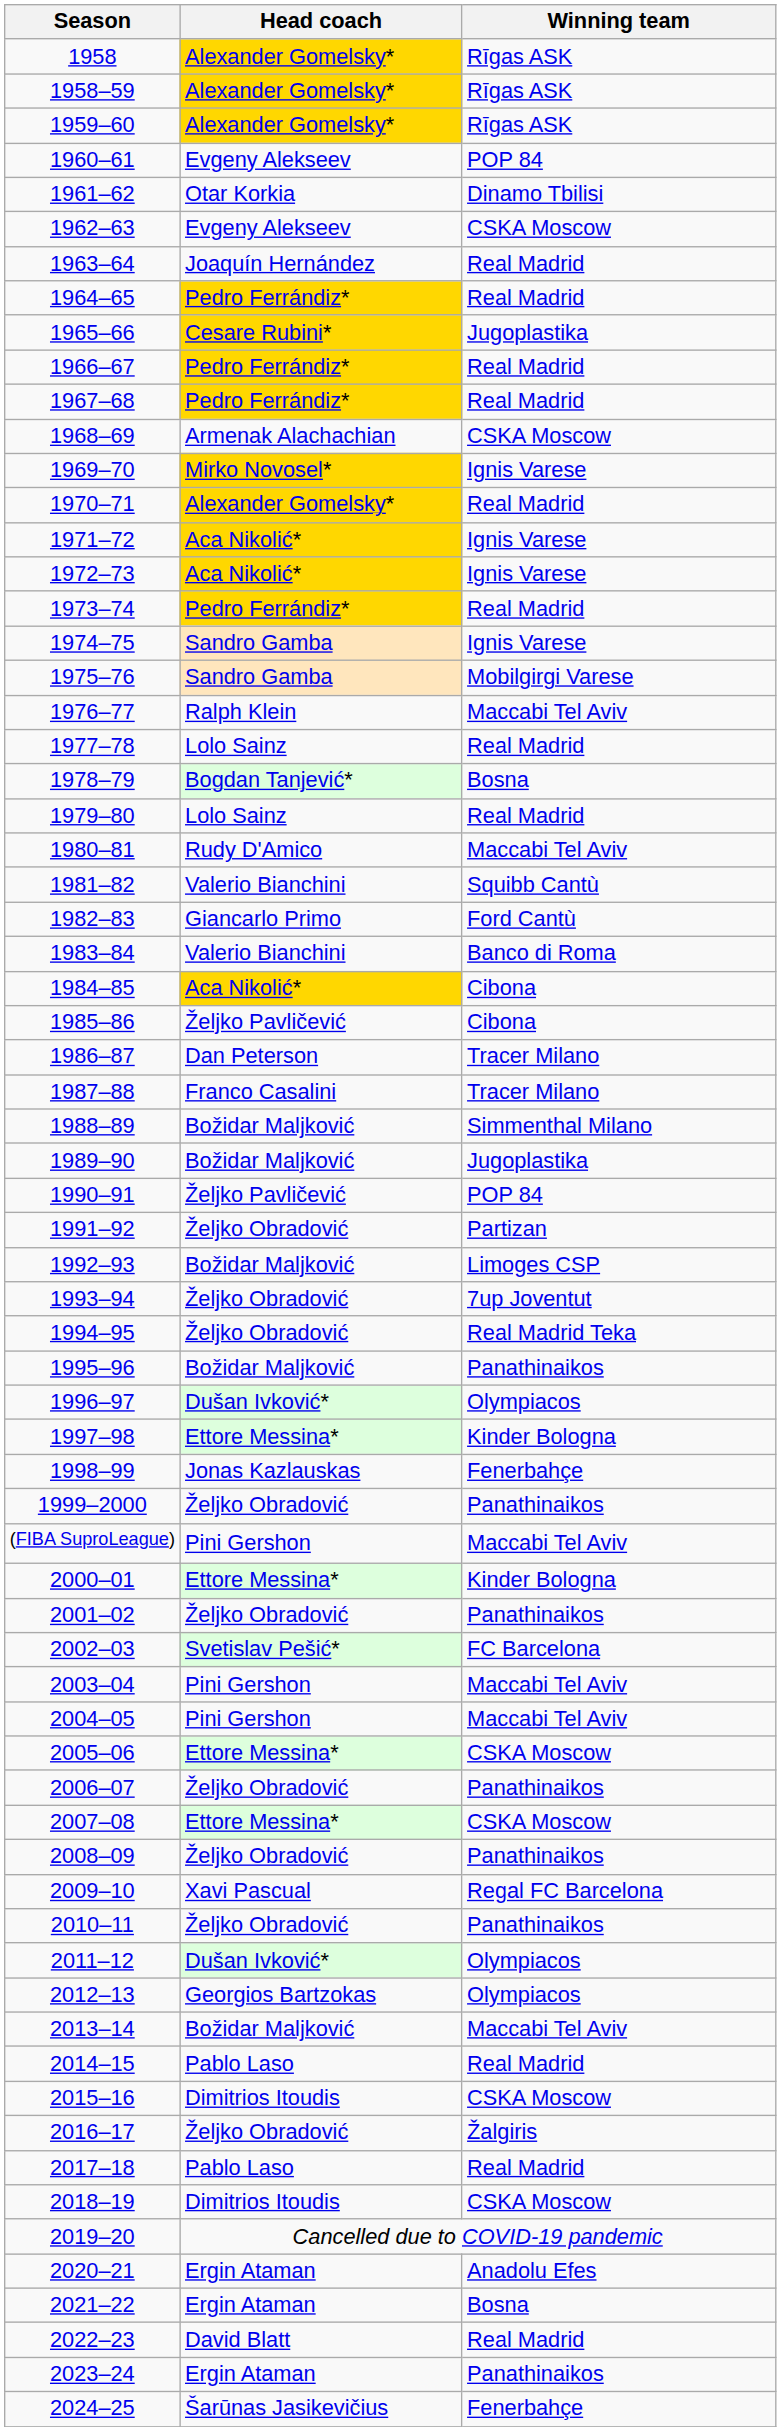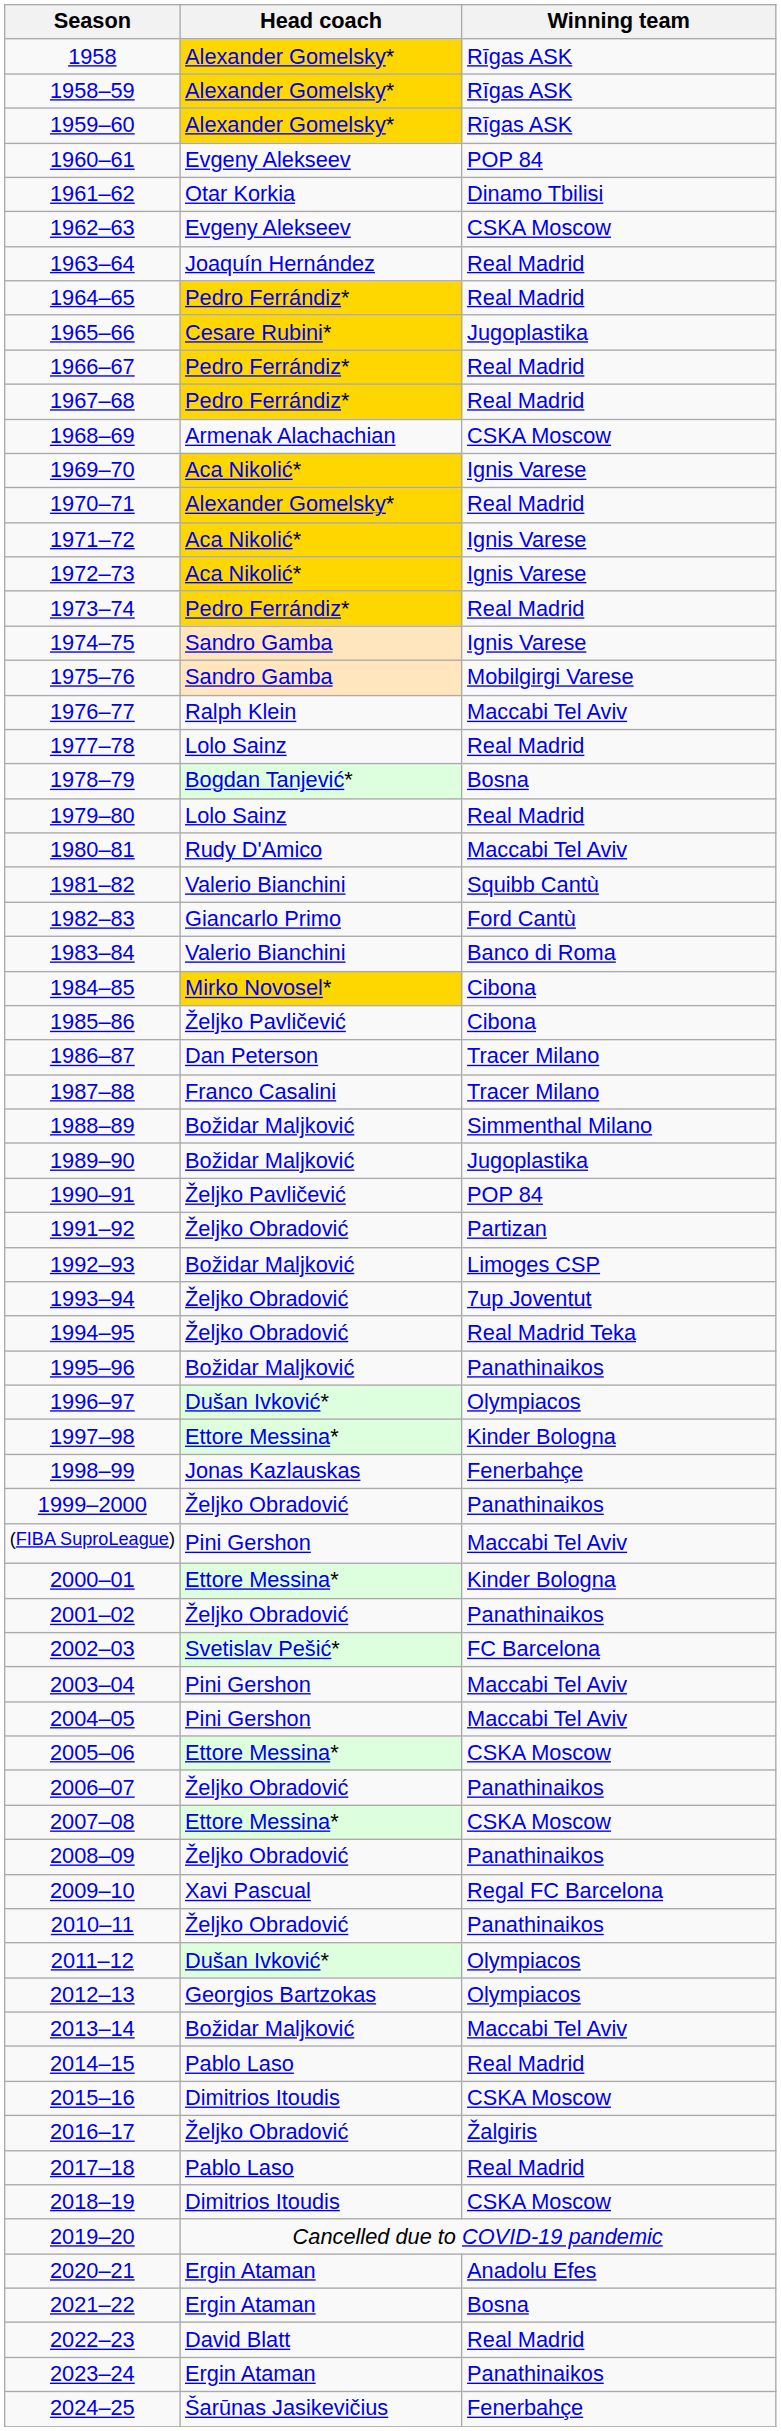 <table class="wikitable">
 <tr>
 <th>Season</th>
 <th style="width:200px">Head coach</th>
 <th style="width:223px">Winning team</th>
 </tr>
 <tr>
 <td style="text-align:center;"><a href='#'>1958</a></td>
 <td bgcolor="#FFD700"> <a href='#'>Alexander Gomelsky</a>*</td>
 <td> <a href='#'>Rīgas ASK</a></td>
 </tr>
 <tr>
 <td style="text-align:center;"><a href='#'>1958–59</a></td>
 <td bgcolor="#FFD700"> <a href='#'>Alexander Gomelsky</a>*</td>
 <td> <a href='#'>Rīgas ASK</a></td>
 </tr>
 <tr>
 <td style="text-align:center;"><a href='#'>1959–60</a></td>
 <td bgcolor="#FFD700"> <a href='#'>Alexander Gomelsky</a>*</td>
 <td> <a href='#'>Rīgas ASK</a></td>
 </tr>
 <tr>
 <td style="text-align:center;"><a href='#'>1960–61</a></td>
 <td> <a href='#'>Evgeny Alekseev</a></td>
 <td> <a href='#'>POP 84</a></td>
 </tr>
 <tr>
 <td style="text-align:center;"><a href='#'>1961–62</a></td>
 <td> <a href='#'>Otar Korkia</a></td>
 <td> <a href='#'>Dinamo Tbilisi</a></td>
 </tr>
 <tr>
 <td style="text-align:center;"><a href='#'>1962–63</a></td>
 <td> <a href='#'>Evgeny Alekseev</a></td>
 <td> <a href='#'>CSKA Moscow</a></td>
 </tr>
 <tr>
 <td style="text-align:center;"><a href='#'>1963–64</a></td>
 <td> <a href='#'>Joaquín Hernández</a></td>
 <td> <a href='#'>Real Madrid</a></td>
 </tr>
 <tr>
 <td style="text-align:center;"><a href='#'>1964–65</a></td>
 <td bgcolor="#FFD700"> <a href='#'>Pedro Ferrándiz</a>*</td>
 <td> <a href='#'>Real Madrid</a></td>
 </tr>
 <tr>
 <td style="text-align:center;"><a href='#'>1965–66</a></td>
 <td bgcolor="#FFD700"> <a href='#'>Cesare Rubini</a>*</td>
 <td> <a href='#'>Jugoplastika</a></td>
 </tr>
 <tr>
 <td style="text-align:center;"><a href='#'>1966–67</a></td>
 <td bgcolor="#FFD700"> <a href='#'>Pedro Ferrándiz</a>*</td>
 <td> <a href='#'>Real Madrid</a></td>
 </tr>
 <tr>
 <td style="text-align:center;"><a href='#'>1967–68</a></td>
 <td bgcolor="#FFD700"> <a href='#'>Pedro Ferrándiz</a>*</td>
 <td> <a href='#'>Real Madrid</a></td>
 </tr>
 <tr>
 <td style="text-align:center;"><a href='#'>1968–69</a></td>
 <td> <a href='#'>Armenak Alachachian</a></td>
 <td> <a href='#'>CSKA Moscow</a></td>
 </tr>
 <tr>
 <td style="text-align:center;"><a href='#'>1969–70</a></td>
-<td bgcolor="#FFD700"> <a href='#'>Mirko Novosel</a>*</td>
+<td bgcolor="#FFD700"> <a href='#'>Aca Nikolić</a>*</td>
 <td> <a href='#'>Ignis Varese</a></td>
 </tr>
 <tr>
 <td style="text-align:center;"><a href='#'>1970–71</a></td>
 <td bgcolor="#FFD700"> <a href='#'>Alexander Gomelsky</a>*</td>
 <td> <a href='#'>Real Madrid</a></td>
 </tr>
 <tr>
 <td style="text-align:center;"><a href='#'>1971–72</a></td>
 <td bgcolor="#FFD700"> <a href='#'>Aca Nikolić</a>*</td>
 <td> <a href='#'>Ignis Varese</a></td>
 </tr>
 <tr>
 <td style="text-align:center;"><a href='#'>1972–73</a></td>
 <td bgcolor="#FFD700"> <a href='#'>Aca Nikolić</a>*</td>
 <td> <a href='#'>Ignis Varese</a></td>
 </tr>
 <tr>
 <td style="text-align:center;"><a href='#'>1973–74</a></td>
 <td bgcolor="#FFD700"> <a href='#'>Pedro Ferrándiz</a>*</td>
 <td> <a href='#'>Real Madrid</a></td>
 </tr>
 <tr>
 <td style="text-align:center;"><a href='#'>1974–75</a></td>
 <td bgcolor="#FFE6BD"> <a href='#'>Sandro Gamba</a></td>
 <td> <a href='#'>Ignis Varese</a></td>
 </tr>
 <tr>
 <td style="text-align:center;"><a href='#'>1975–76</a></td>
 <td bgcolor="#FFE6BD"> <a href='#'>Sandro Gamba</a></td>
 <td> <a href='#'>Mobilgirgi Varese</a></td>
 </tr>
 <tr>
 <td style="text-align:center;"><a href='#'>1976–77</a></td>
 <td> <a href='#'>Ralph Klein</a></td>
 <td> <a href='#'>Maccabi Tel Aviv</a></td>
 </tr>
 <tr>
 <td style="text-align:center;"><a href='#'>1977–78</a></td>
 <td> <a href='#'>Lolo Sainz</a></td>
 <td> <a href='#'>Real Madrid</a></td>
 </tr>
 <tr>
 <td style="text-align:center;"><a href='#'>1978–79</a></td>
 <td bgcolor="#ddffdd"> <a href='#'>Bogdan Tanjević</a>*</td>
 <td>  <a href='#'>Bosna</a></td>
 </tr>
 <tr>
 <td style="text-align:center;"><a href='#'>1979–80</a></td>
 <td> <a href='#'>Lolo Sainz</a></td>
 <td> <a href='#'>Real Madrid</a></td>
 </tr>
 <tr>
 <td style="text-align:center;"><a href='#'>1980–81</a></td>
 <td> <a href='#'>Rudy D'Amico</a></td>
 <td> <a href='#'>Maccabi Tel Aviv</a></td>
 </tr>
 <tr>
 <td style="text-align:center;"><a href='#'>1981–82</a></td>
 <td> <a href='#'>Valerio Bianchini</a></td>
 <td>  <a href='#'>Squibb Cantù</a></td>
 </tr>
 <tr>
 <td style="text-align:center;"><a href='#'>1982–83</a></td>
 <td> <a href='#'>Giancarlo Primo</a></td>
 <td>  <a href='#'>Ford Cantù</a></td>
 </tr>
 <tr>
 <td style="text-align:center;"><a href='#'>1983–84</a></td>
 <td> <a href='#'>Valerio Bianchini</a></td>
 <td>  <a href='#'>Banco di Roma</a></td>
 </tr>
 <tr>
 <td style="text-align:center;"><a href='#'>1984–85</a></td>
-<td bgcolor="#FFD700"> <a href='#'>Aca Nikolić</a>*</td>
+<td bgcolor="#FFD700"> <a href='#'>Mirko Novosel</a>*</td>
 <td> <a href='#'>Cibona</a></td>
 </tr>
 <tr>
 <td style="text-align:center;"><a href='#'>1985–86</a></td>
 <td> <a href='#'>Željko Pavličević</a></td>
 <td> <a href='#'>Cibona</a></td>
 </tr>
 <tr>
 <td style="text-align:center;"><a href='#'>1986–87</a></td>
 <td> <a href='#'>Dan Peterson</a></td>
 <td> <a href='#'>Tracer Milano</a></td>
 </tr>
 <tr>
 <td style="text-align:center;"><a href='#'>1987–88</a></td>
 <td> <a href='#'>Franco Casalini</a></td>
 <td> <a href='#'>Tracer Milano</a></td>
 </tr>
 <tr>
 <td style="text-align:center;"><a href='#'>1988–89</a></td>
 <td> <a href='#'>Božidar Maljković</a></td>
 <td>  <a href='#'>Simmenthal Milano</a></td>
 </tr>
 <tr>
 <td style="text-align:center;"><a href='#'>1989–90</a></td>
 <td> <a href='#'>Božidar Maljković</a></td>
 <td> <a href='#'>Jugoplastika</a></td>
 </tr>
 <tr>
 <td style="text-align:center;"><a href='#'>1990–91</a></td>
 <td> <a href='#'>Željko Pavličević</a></td>
 <td> <a href='#'>POP 84</a></td>
 </tr>
 <tr>
 <td style="text-align:center;"><a href='#'>1991–92</a></td>
 <td> <a href='#'>Željko Obradović</a></td>
 <td> <a href='#'>Partizan</a></td>
 </tr>
 <tr>
 <td style="text-align:center;"><a href='#'>1992–93</a></td>
 <td> <a href='#'>Božidar Maljković</a></td>
 <td> <a href='#'>Limoges CSP</a></td>
 </tr>
 <tr>
 <td style="text-align:center;"><a href='#'>1993–94</a></td>
 <td> <a href='#'>Željko Obradović</a></td>
 <td> <a href='#'>7up Joventut</a></td>
 </tr>
 <tr>
 <td style="text-align:center;"><a href='#'>1994–95</a></td>
 <td> <a href='#'>Željko Obradović</a></td>
 <td> <a href='#'>Real Madrid Teka</a></td>
 </tr>
 <tr>
 <td style="text-align:center;"><a href='#'>1995–96</a></td>
 <td> <a href='#'>Božidar Maljković</a></td>
 <td> <a href='#'>Panathinaikos</a></td>
 </tr>
 <tr>
 <td style="text-align:center;"><a href='#'>1996–97</a></td>
 <td bgcolor="#ddffdd"> <a href='#'>Dušan Ivković</a>*</td>
 <td> <a href='#'>Olympiacos</a></td>
 </tr>
 <tr>
 <td style="text-align:center;"><a href='#'>1997–98</a></td>
 <td bgcolor="#ddffdd"> <a href='#'>Ettore Messina</a>*</td>
 <td> <a href='#'>Kinder Bologna</a></td>
 </tr>
 <tr>
 <td style="text-align:center;"><a href='#'>1998–99</a></td>
 <td> <a href='#'>Jonas Kazlauskas</a></td>
 <td> <a href='#'>Fenerbahçe</a></td>
 </tr>
 <tr>
 <td style="text-align:center;"><a href='#'>1999–2000</a></td>
 <td> <a href='#'>Željko Obradović</a></td>
 <td> <a href='#'>Panathinaikos</a></td>
 </tr>
 <tr>
 <td> <sup>(<a href='#'>FIBA SuproLeague</a>)</sup></td>
 <td> <a href='#'>Pini Gershon</a></td>
 <td> <a href='#'>Maccabi Tel Aviv</a></td>
 </tr>
 <tr>
 <td style="text-align:center;"><a href='#'>2000–01</a></td>
 <td bgcolor="#ddffdd"> <a href='#'>Ettore Messina</a>*</td>
 <td> <a href='#'>Kinder Bologna</a></td>
 </tr>
 <tr>
 <td style="text-align:center;"><a href='#'>2001–02</a></td>
 <td> <a href='#'>Željko Obradović</a></td>
 <td> <a href='#'>Panathinaikos</a></td>
 </tr>
 <tr>
 <td style="text-align:center;"><a href='#'>2002–03</a></td>
 <td bgcolor="#ddffdd"> <a href='#'>Svetislav Pešić</a>*</td>
 <td> <a href='#'>FC Barcelona</a></td>
 </tr>
 <tr>
 <td style="text-align:center;"><a href='#'>2003–04</a></td>
 <td> <a href='#'>Pini Gershon</a></td>
 <td> <a href='#'>Maccabi Tel Aviv</a></td>
 </tr>
 <tr>
 <td style="text-align:center;"><a href='#'>2004–05</a></td>
 <td> <a href='#'>Pini Gershon</a></td>
 <td> <a href='#'>Maccabi Tel Aviv</a></td>
 </tr>
 <tr>
 <td style="text-align:center;"><a href='#'>2005–06</a></td>
 <td bgcolor="#ddffdd"> <a href='#'>Ettore Messina</a>*</td>
 <td> <a href='#'>CSKA Moscow</a></td>
 </tr>
 <tr>
 <td style="text-align:center;"><a href='#'>2006–07</a></td>
 <td> <a href='#'>Željko Obradović</a></td>
 <td> <a href='#'>Panathinaikos</a></td>
 </tr>
 <tr>
 <td style="text-align:center;"><a href='#'>2007–08</a></td>
 <td bgcolor="#ddffdd"> <a href='#'>Ettore Messina</a>*</td>
 <td> <a href='#'>CSKA Moscow</a></td>
 </tr>
 <tr>
 <td style="text-align:center;"><a href='#'>2008–09</a></td>
 <td> <a href='#'>Željko Obradović</a></td>
 <td> <a href='#'>Panathinaikos</a></td>
 </tr>
 <tr>
 <td style="text-align:center;"><a href='#'>2009–10</a></td>
 <td> <a href='#'>Xavi Pascual</a></td>
 <td> <a href='#'>Regal FC Barcelona</a></td>
 </tr>
 <tr>
 <td style="text-align:center;"><a href='#'>2010–11</a></td>
 <td> <a href='#'>Željko Obradović</a></td>
 <td> <a href='#'>Panathinaikos</a></td>
 </tr>
 <tr>
 <td style="text-align:center;"><a href='#'>2011–12</a></td>
 <td bgcolor="#ddffdd"> <a href='#'>Dušan Ivković</a>*</td>
 <td> <a href='#'>Olympiacos</a></td>
 </tr>
 <tr>
 <td style="text-align:center;"><a href='#'>2012–13</a></td>
 <td> <a href='#'>Georgios Bartzokas</a></td>
 <td> <a href='#'>Olympiacos</a></td>
 </tr>
 <tr>
 <td style="text-align:center;"><a href='#'>2013–14</a></td>
 <td> <a href='#'>Božidar Maljković</a></td>
 <td> <a href='#'>Maccabi Tel Aviv</a></td>
 </tr>
 <tr>
 <td style="text-align:center;"><a href='#'>2014–15</a></td>
 <td> <a href='#'>Pablo Laso</a></td>
 <td> <a href='#'>Real Madrid</a></td>
 </tr>
 <tr>
 <td style="text-align:center;"><a href='#'>2015–16</a></td>
 <td> <a href='#'>Dimitrios Itoudis</a></td>
 <td> <a href='#'>CSKA Moscow</a></td>
 </tr>
 <tr>
 <td style="text-align:center;"><a href='#'>2016–17</a></td>
 <td> <a href='#'>Željko Obradović</a></td>
 <td> <a href='#'>Žalgiris</a></td>
 </tr>
 <tr>
 <td style="text-align:center;"><a href='#'>2017–18</a></td>
 <td> <a href='#'>Pablo Laso</a></td>
 <td> <a href='#'>Real Madrid</a></td>
 </tr>
 <tr>
 <td style="text-align:center;"><a href='#'>2018–19</a></td>
 <td> <a href='#'>Dimitrios Itoudis</a></td>
 <td> <a href='#'>CSKA Moscow</a></td>
 </tr>
 <tr>
 <td style="text-align:center;"><a href='#'>2019–20</a></td>
 <td colspan=2 align=center><em>Cancelled due to <a href='#'>COVID-19 pandemic</a></em></td>
 </tr>
 <tr>
 <td style="text-align:center;"><a href='#'>2020–21</a></td>
 <td> <a href='#'>Ergin Ataman</a></td>
 <td> <a href='#'>Anadolu Efes</a></td>
 </tr>
 <tr>
 <td style="text-align:center;"><a href='#'>2021–22</a></td>
 <td> <a href='#'>Ergin Ataman</a></td>
 <td>  <a href='#'>Bosna</a></td>
 </tr>
 <tr>
 <td style="text-align:center;"><a href='#'>2022–23</a></td>
 <td> <a href='#'>David Blatt</a></td>
 <td> <a href='#'>Real Madrid</a></td>
 </tr>
 <tr>
 <td style="text-align:center;"><a href='#'>2023–24</a></td>
 <td> <a href='#'>Ergin Ataman</a></td>
 <td> <a href='#'>Panathinaikos</a></td>
 </tr>
 <tr>
 <td style="text-align:center;"><a href='#'>2024–25</a></td>
 <td> <a href='#'>Šarūnas Jasikevičius</a></td>
 <td> <a href='#'>Fenerbahçe</a></td>
 </tr>
 </table>
